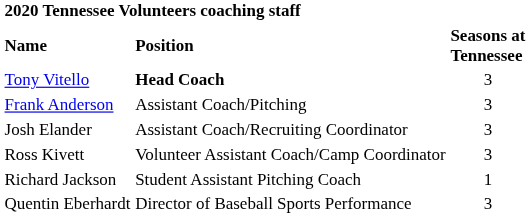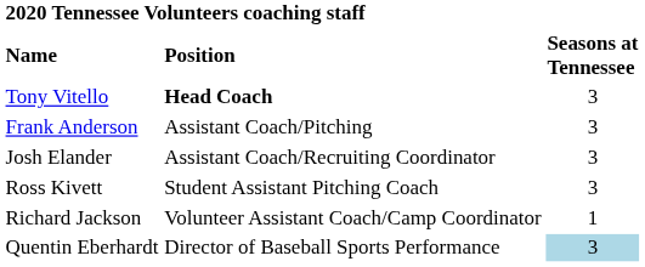 <table class="toccolours" style="text-align: left; font-size:90%;">
 <tr>
 <th colspan="9">2020 Tennessee Volunteers coaching staff</th>
 </tr>
 <tr>
 <th>Name</th>
 <th>Position</th>
 <th>Seasons at<br>Tennessee</th>
 </tr>
 <tr>
 <td><a href='#'>Tony Vitello</a></td>
 <td><strong>Head Coach</strong></td>
 <td align=center>3</td>
 </tr>
 <tr>
 <td><a href='#'>Frank Anderson</a></td>
 <td>Assistant Coach/Pitching</td>
 <td align=center>3</td>
 </tr>
 <tr>
 <td>Josh Elander</td>
 <td>Assistant Coach/Recruiting Coordinator</td>
 <td align=center>3</td>
 </tr>
 <tr>
 <td>Ross Kivett</td>
-<td>Volunteer Assistant Coach/Camp Coordinator</td>
+<td>Student Assistant Pitching Coach</td>
 <td align=center>3</td>
 </tr>
 <tr>
 <td>Richard Jackson</td>
-<td>Student Assistant Pitching Coach</td>
+<td>Volunteer Assistant Coach/Camp Coordinator</td>
 <td align=center>1</td>
 </tr>
 <tr>
 <td>Quentin Eberhardt</td>
 <td>Director of Baseball Sports Performance</td>
-<td align=center>3</td>
+<td align=center style="background: lightblue;">3</td>
 </tr>
 </table>
